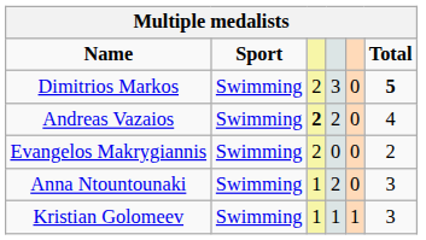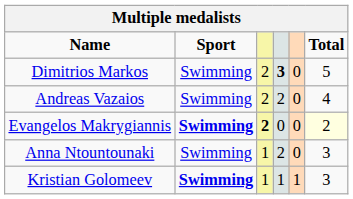 <table class="wikitable" style="font-size:85%; float:left;">
 <tr style="background:#efefef;">
 <th colspan=7><strong>Multiple medalists</strong></th>
 </tr>
 <tr align=center>
 <td><strong>Name</strong></td>
 <td><strong>Sport</strong></td>
 <td style="background:#f7f6a8;"></td>
 <td style="background:#dce5e5;"></td>
 <td style="background:#ffdab9;"></td>
 <td><strong>Total</strong></td>
 </tr>
 <tr align=center>
 <td><a href='#'>Dimitrios Markos</a></td>
 <td><a href='#'>Swimming</a></td>
 <td style="background:#f7f6a8;">2</td>
-<td style="background:#dce5e5;">3</td>
+<td style="background:#dce5e5;"><strong>3</strong></td>
 <td style="background:#ffdab9;">0</td>
-<td><strong>5</strong></td>
+<td>5</td>
 </tr>
 <tr align=center>
 <td><a href='#'>Andreas Vazaios</a></td>
 <td><a href='#'>Swimming</a></td>
-<td style="background:#f7f6a8;"><strong>2</strong></td>
+<td style="background:#f7f6a8;">2</td>
 <td style="background:#dce5e5;">2</td>
 <td style="background:#ffdab9;">0</td>
 <td>4</td>
 </tr>
 <tr align=center>
 <td><a href='#'>Evangelos Makrygiannis</a></td>
-<td><a href='#'>Swimming</a></td>
-<td style="background:#f7f6a8;">2</td>
+<td><strong><a href='#'>Swimming</a></strong></td>
+<td style="background:#f7f6a8;"><strong>2</strong></td>
 <td style="background:#dce5e5;">0</td>
 <td style="background:#ffdab9;">0</td>
-<td>2</td>
+<td style="background: lightyellow;">2</td>
 </tr>
 <tr align=center>
 <td><a href='#'>Anna Ntountounaki</a></td>
 <td><a href='#'>Swimming</a></td>
 <td style="background:#f7f6a8;">1</td>
 <td style="background:#dce5e5;">2</td>
 <td style="background:#ffdab9;">0</td>
 <td>3</td>
 </tr>
 <tr align=center>
 <td><a href='#'>Kristian Golomeev</a></td>
-<td><a href='#'>Swimming</a></td>
+<td><strong><a href='#'>Swimming</a></strong></td>
 <td style="background:#f7f6a8;">1</td>
 <td style="background:#dce5e5;">1</td>
 <td style="background:#ffdab9;">1</td>
 <td>3</td>
 </tr>
 </table>
